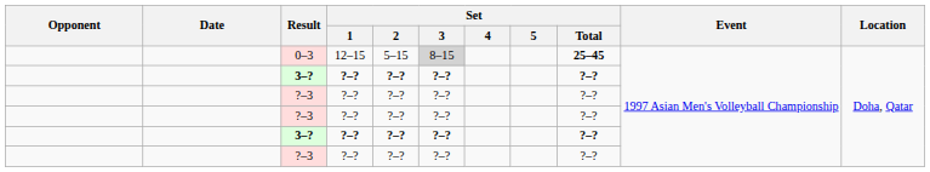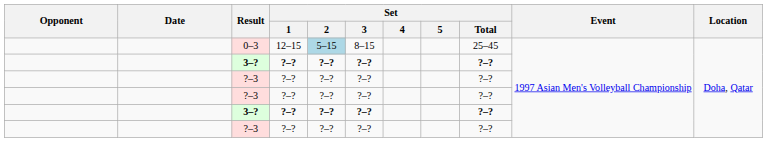 <table class="wikitable" style="font-size: 90%">
 <tr>
 <th rowspan=2 width=15%>Opponent</th>
 <th rowspan=2 width=15%>Date</th>
 <th rowspan=2 width=5%>Result</th>
 <th colspan=6>Set</th>
 <th rowspan=2 width=24%>Event</th>
 <th rowspan=2 width=16%>Location</th>
 </tr>
 <tr>
 <th width=5%>1</th>
 <th width=5%>2</th>
 <th width=5%>3</th>
 <th width=5%>4</th>
 <th width=5%>5</th>
 <th width=7%>Total</th>
 </tr>
 <tr style="text-align:center;">
 <td style="text-align:left;"></td>
 <td></td>
 <td style="background:#ffdddd;">0–3</td>
 <td>12–15</td>
-<td>5–15</td>
-<td style="background: lightgrey;">8–15</td>
+<td style="background: lightblue;">5–15</td>
+<td>8–15</td>
 <td></td>
 <td></td>
-<td><strong>25–45</strong></td>
+<td>25–45</td>
 <td rowspan=6><a href='#'>1997 Asian Men's Volleyball Championship</a></td>
 <td rowspan=6><a href='#'>Doha</a>, <a href='#'>Qatar</a></td>
 </tr>
 <tr style="text-align:center;">
 <td style="text-align:left;"></td>
 <td></td>
 <td style="background:#ddffdd;"><strong>3–?</strong></td>
 <td><strong>?–?</strong></td>
 <td><strong>?–?</strong></td>
 <td><strong>?–?</strong></td>
 <td></td>
 <td></td>
 <td><strong>?–?</strong></td>
 </tr>
 <tr style="text-align:center;">
 <td style="text-align:left;"></td>
 <td></td>
 <td style="background:#ffdddd;">?–3</td>
 <td>?–?</td>
 <td>?–?</td>
 <td>?–?</td>
 <td></td>
 <td></td>
 <td>?–?</td>
 </tr>
 <tr style="text-align:center;">
 <td style="text-align:left;"></td>
 <td></td>
 <td style="background:#ffdddd;">?–3</td>
 <td>?–?</td>
 <td>?–?</td>
 <td>?–?</td>
 <td></td>
 <td></td>
 <td>?–?</td>
 </tr>
 <tr style="text-align:center;">
 <td style="text-align:left;"></td>
 <td></td>
 <td style="background:#ddffdd;"><strong>3–?</strong></td>
 <td><strong>?–?</strong></td>
 <td><strong>?–?</strong></td>
 <td><strong>?–?</strong></td>
 <td></td>
 <td></td>
 <td><strong>?–?</strong></td>
 </tr>
 <tr style="text-align:center;">
 <td style="text-align:left;"></td>
 <td></td>
 <td style="background:#ffdddd;">?–3</td>
 <td>?–?</td>
 <td>?–?</td>
 <td>?–?</td>
 <td></td>
 <td></td>
 <td>?–?</td>
 </tr>
 </table>
